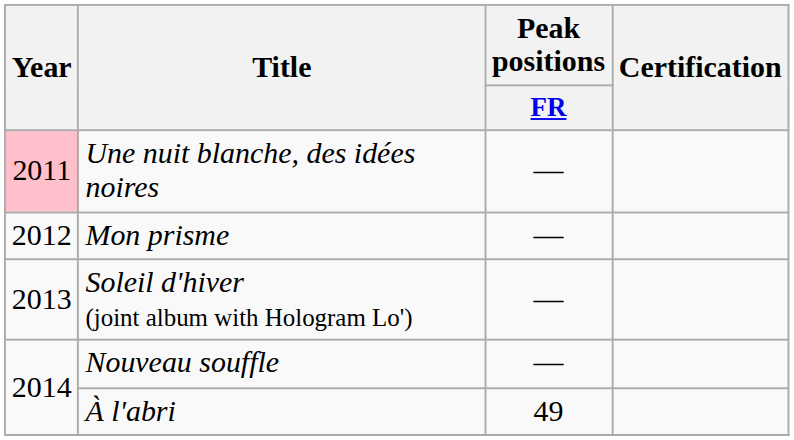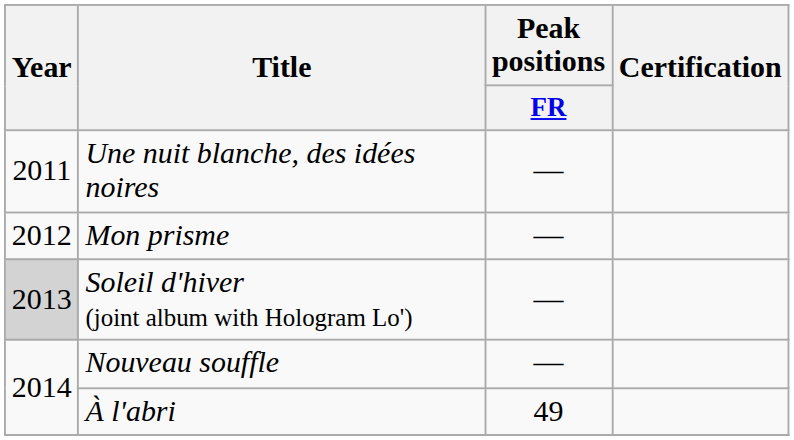 <table class="wikitable">
 <tr>
 <th align="center" rowspan="2" width="10">Year</th>
 <th align="center" rowspan="2" width="210">Title</th>
 <th align="center" colspan="1" width="20">Peak positions</th>
 <th align="center" rowspan="2" width="70">Certification</th>
 </tr>
 <tr>
 <th scope="col" style="width:3em;font-size:90%;"><a href='#'>FR</a><br></th>
 </tr>
 <tr>
-<td style="background: pink; text-align:center;">2011</td>
+<td style="text-align:center;">2011</td>
 <td><em>Une nuit blanche, des idées noires</em></td>
 <td style="text-align:center;">—</td>
 <td style="text-align:center;"></td>
 </tr>
 <tr>
 <td style="text-align:center;">2012</td>
 <td><em>Mon prisme</em></td>
 <td style="text-align:center;">—</td>
 <td style="text-align:center;"></td>
 </tr>
 <tr>
-<td style="text-align:center;">2013</td>
+<td style="background: lightgrey; text-align:center;">2013</td>
 <td><em>Soleil d'hiver</em><br><small>(joint album with Hologram Lo')</small></td>
 <td style="text-align:center;">—</td>
 <td style="text-align:center;"></td>
 </tr>
 <tr>
 <td style="text-align:center;" rowspan=2>2014</td>
 <td><em>Nouveau souffle</em></td>
 <td style="text-align:center;">—</td>
 <td style="text-align:center;"></td>
 </tr>
 <tr>
 <td><em>À l'abri</em></td>
 <td style="text-align:center;">49</td>
 <td style="text-align:center;"></td>
 </tr>
 <tr>
 </tr>
 </table>
